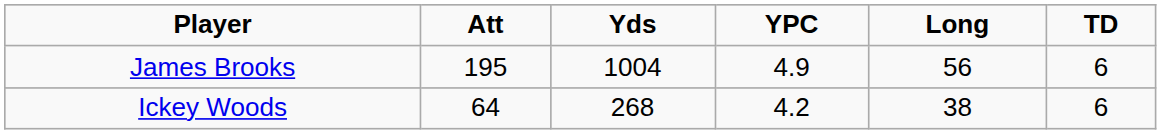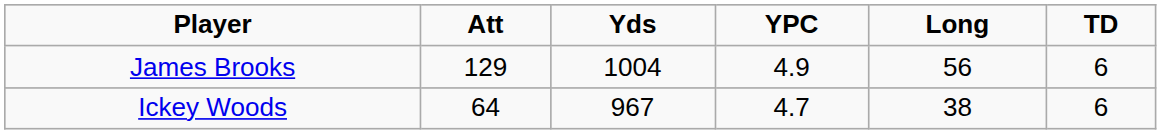 <table class="wikitable" width="80%">
 <tr align="center">
 <td><strong>Player</strong></td>
 <td><strong>Att</strong></td>
 <td><strong>Yds</strong></td>
 <td><strong>YPC</strong></td>
 <td><strong>Long</strong></td>
 <td><strong>TD</strong></td>
 </tr>
 <tr align="center" bgcolor="">
 <td><a href='#'>James Brooks</a></td>
-<td>195</td>
+<td>129</td>
 <td>1004</td>
 <td>4.9</td>
 <td>56</td>
 <td>6</td>
 </tr>
 <tr align="center" bgcolor="">
 <td><a href='#'>Ickey Woods</a></td>
 <td>64</td>
-<td>268</td>
-<td>4.2</td>
+<td>967</td>
+<td>4.7</td>
 <td>38</td>
 <td>6</td>
 </tr>
 </table>
